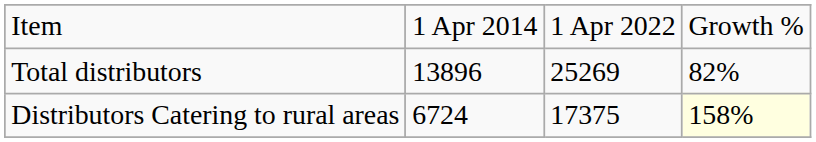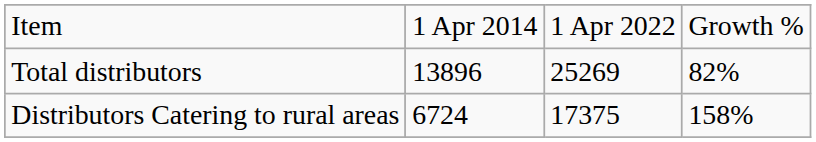 <table class="wikitable">
 <tr>
 <td>Item</td>
 <td>1 Apr 2014</td>
 <td>1 Apr 2022</td>
 <td>Growth %</td>
 </tr>
 <tr>
 <td>Total distributors</td>
 <td>13896</td>
 <td>25269</td>
 <td>82%</td>
 </tr>
 <tr>
 <td>Distributors Catering to rural areas</td>
 <td>6724</td>
 <td>17375</td>
-<td style="background: lightyellow;">158%</td>
+<td>158%</td>
 </tr>
 </table>
